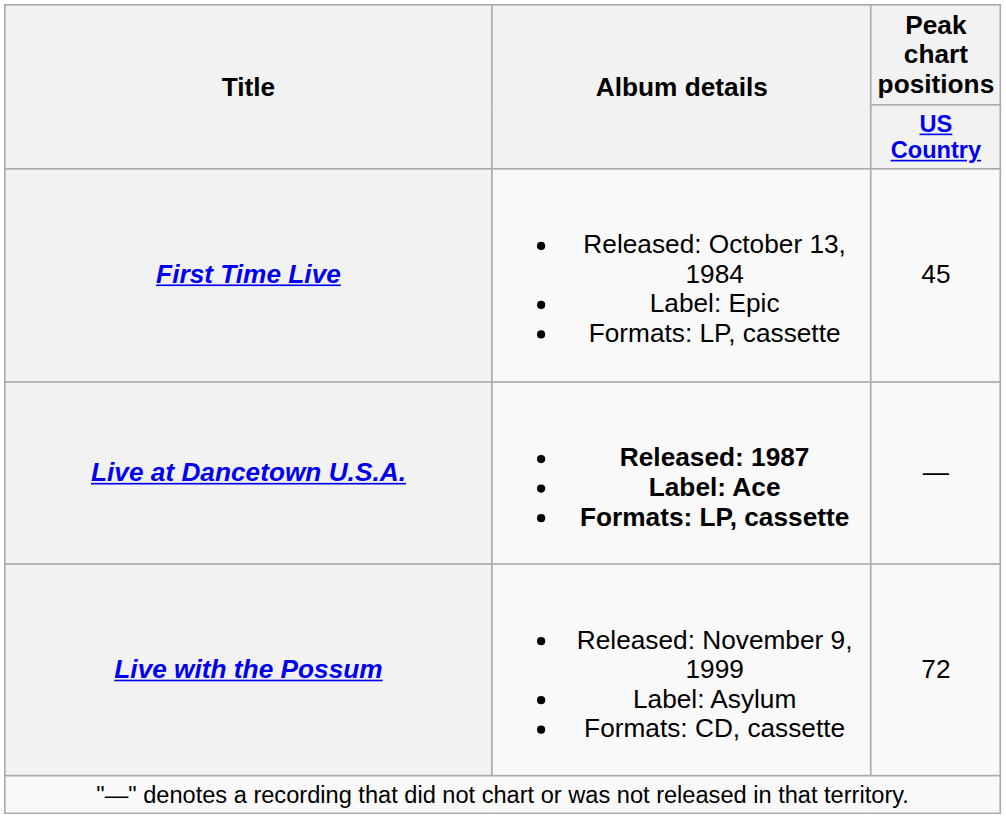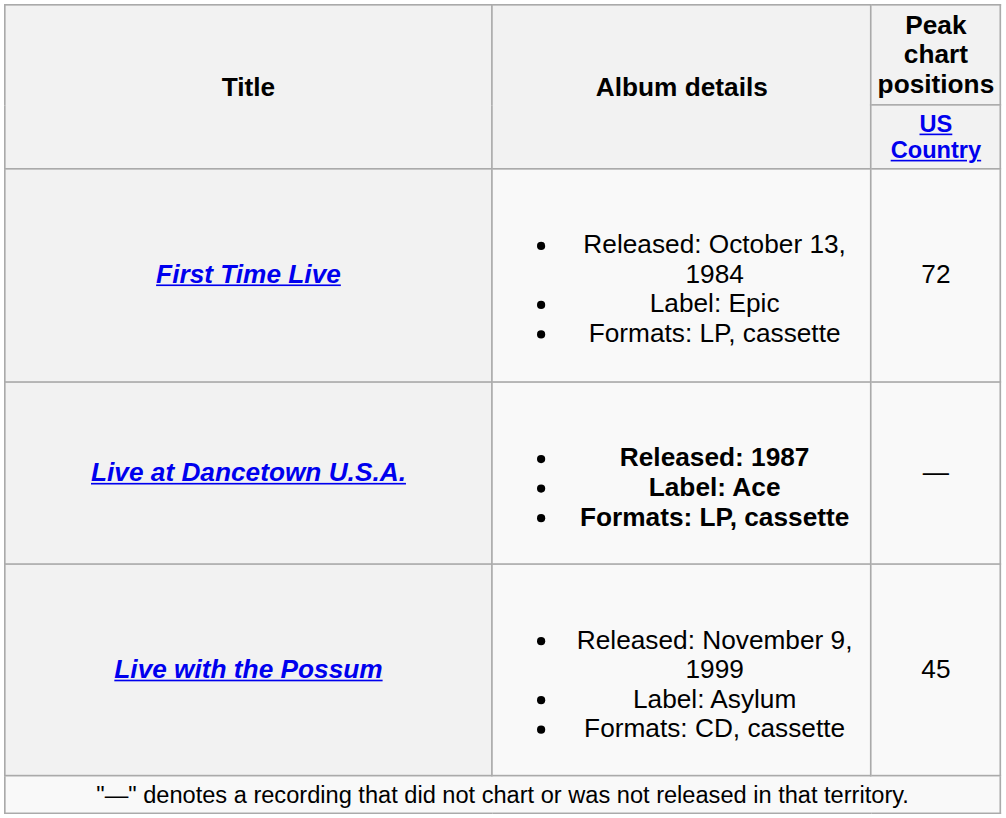 <table class="wikitable plainrowheaders" style="text-align:center;">
 <tr>
 <th scope="col" rowspan="2" style="width:20em;">Title</th>
 <th scope="col" rowspan="2" style="width:15em;">Album details</th>
 <th scope="col" colspan="2">Peak<br>chart<br>positions</th>
 </tr>
 <tr>
 <th scope="col" style="width:3em;font-size:90%;"><a href='#'>US<br>Country</a><br></th>
 </tr>
 <tr>
 <th scope="row"><em><a href='#'>First Time Live</a></em></th>
 <td><br><ul><li>Released: October 13, 1984</li><li>Label: Epic</li><li>Formats: LP, cassette</li></ul></td>
-<td>45</td>
+<td>72</td>
 </tr>
 <tr>
 <th scope="row"><em><a href='#'>Live at Dancetown U.S.A.</a></em></th>
 <td><strong><br><ul><li>Released: 1987</li><li>Label: Ace</li><li>Formats: LP, cassette</li></ul></strong></td>
 <td>—</td>
 </tr>
 <tr>
 <th scope="row"><em><a href='#'>Live with the Possum</a></em></th>
 <td><br><ul><li>Released: November 9, 1999</li><li>Label: Asylum</li><li>Formats: CD, cassette</li></ul></td>
-<td>72</td>
+<td>45</td>
 </tr>
 <tr>
 <td colspan="3" style="font-size:90%">"—" denotes a recording that did not chart or was not released in that territory.</td>
 </tr>
 </table>
